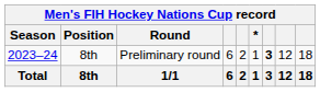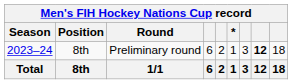 <table class="wikitable" style="text-align: center;">
 <tr>
 <th colspan=9><a href='#'>Men's FIH Hockey Nations Cup</a> record</th>
 </tr>
 <tr>
 <th>Season</th>
 <th>Position</th>
 <th>Round</th>
 <th></th>
 <th></th>
 <th> *</th>
 <th></th>
 <th></th>
 <th></th>
 </tr>
 <tr>
 <td><a href='#'>2023–24</a></td>
 <td>8th</td>
 <td>Preliminary round</td>
 <td>6</td>
 <td>2</td>
 <td>1</td>
-<td><strong>3</strong></td>
-<td>12</td>
+<td>3</td>
+<td><strong>12</strong></td>
 <td>18</td>
 </tr>
 <tr>
 <th>Total</th>
 <th>8th</th>
 <th>1/1</th>
 <th>6</th>
 <th>2</th>
 <th>1</th>
 <th>3</th>
 <th>12</th>
 <th>18</th>
 </tr>
 </table>
